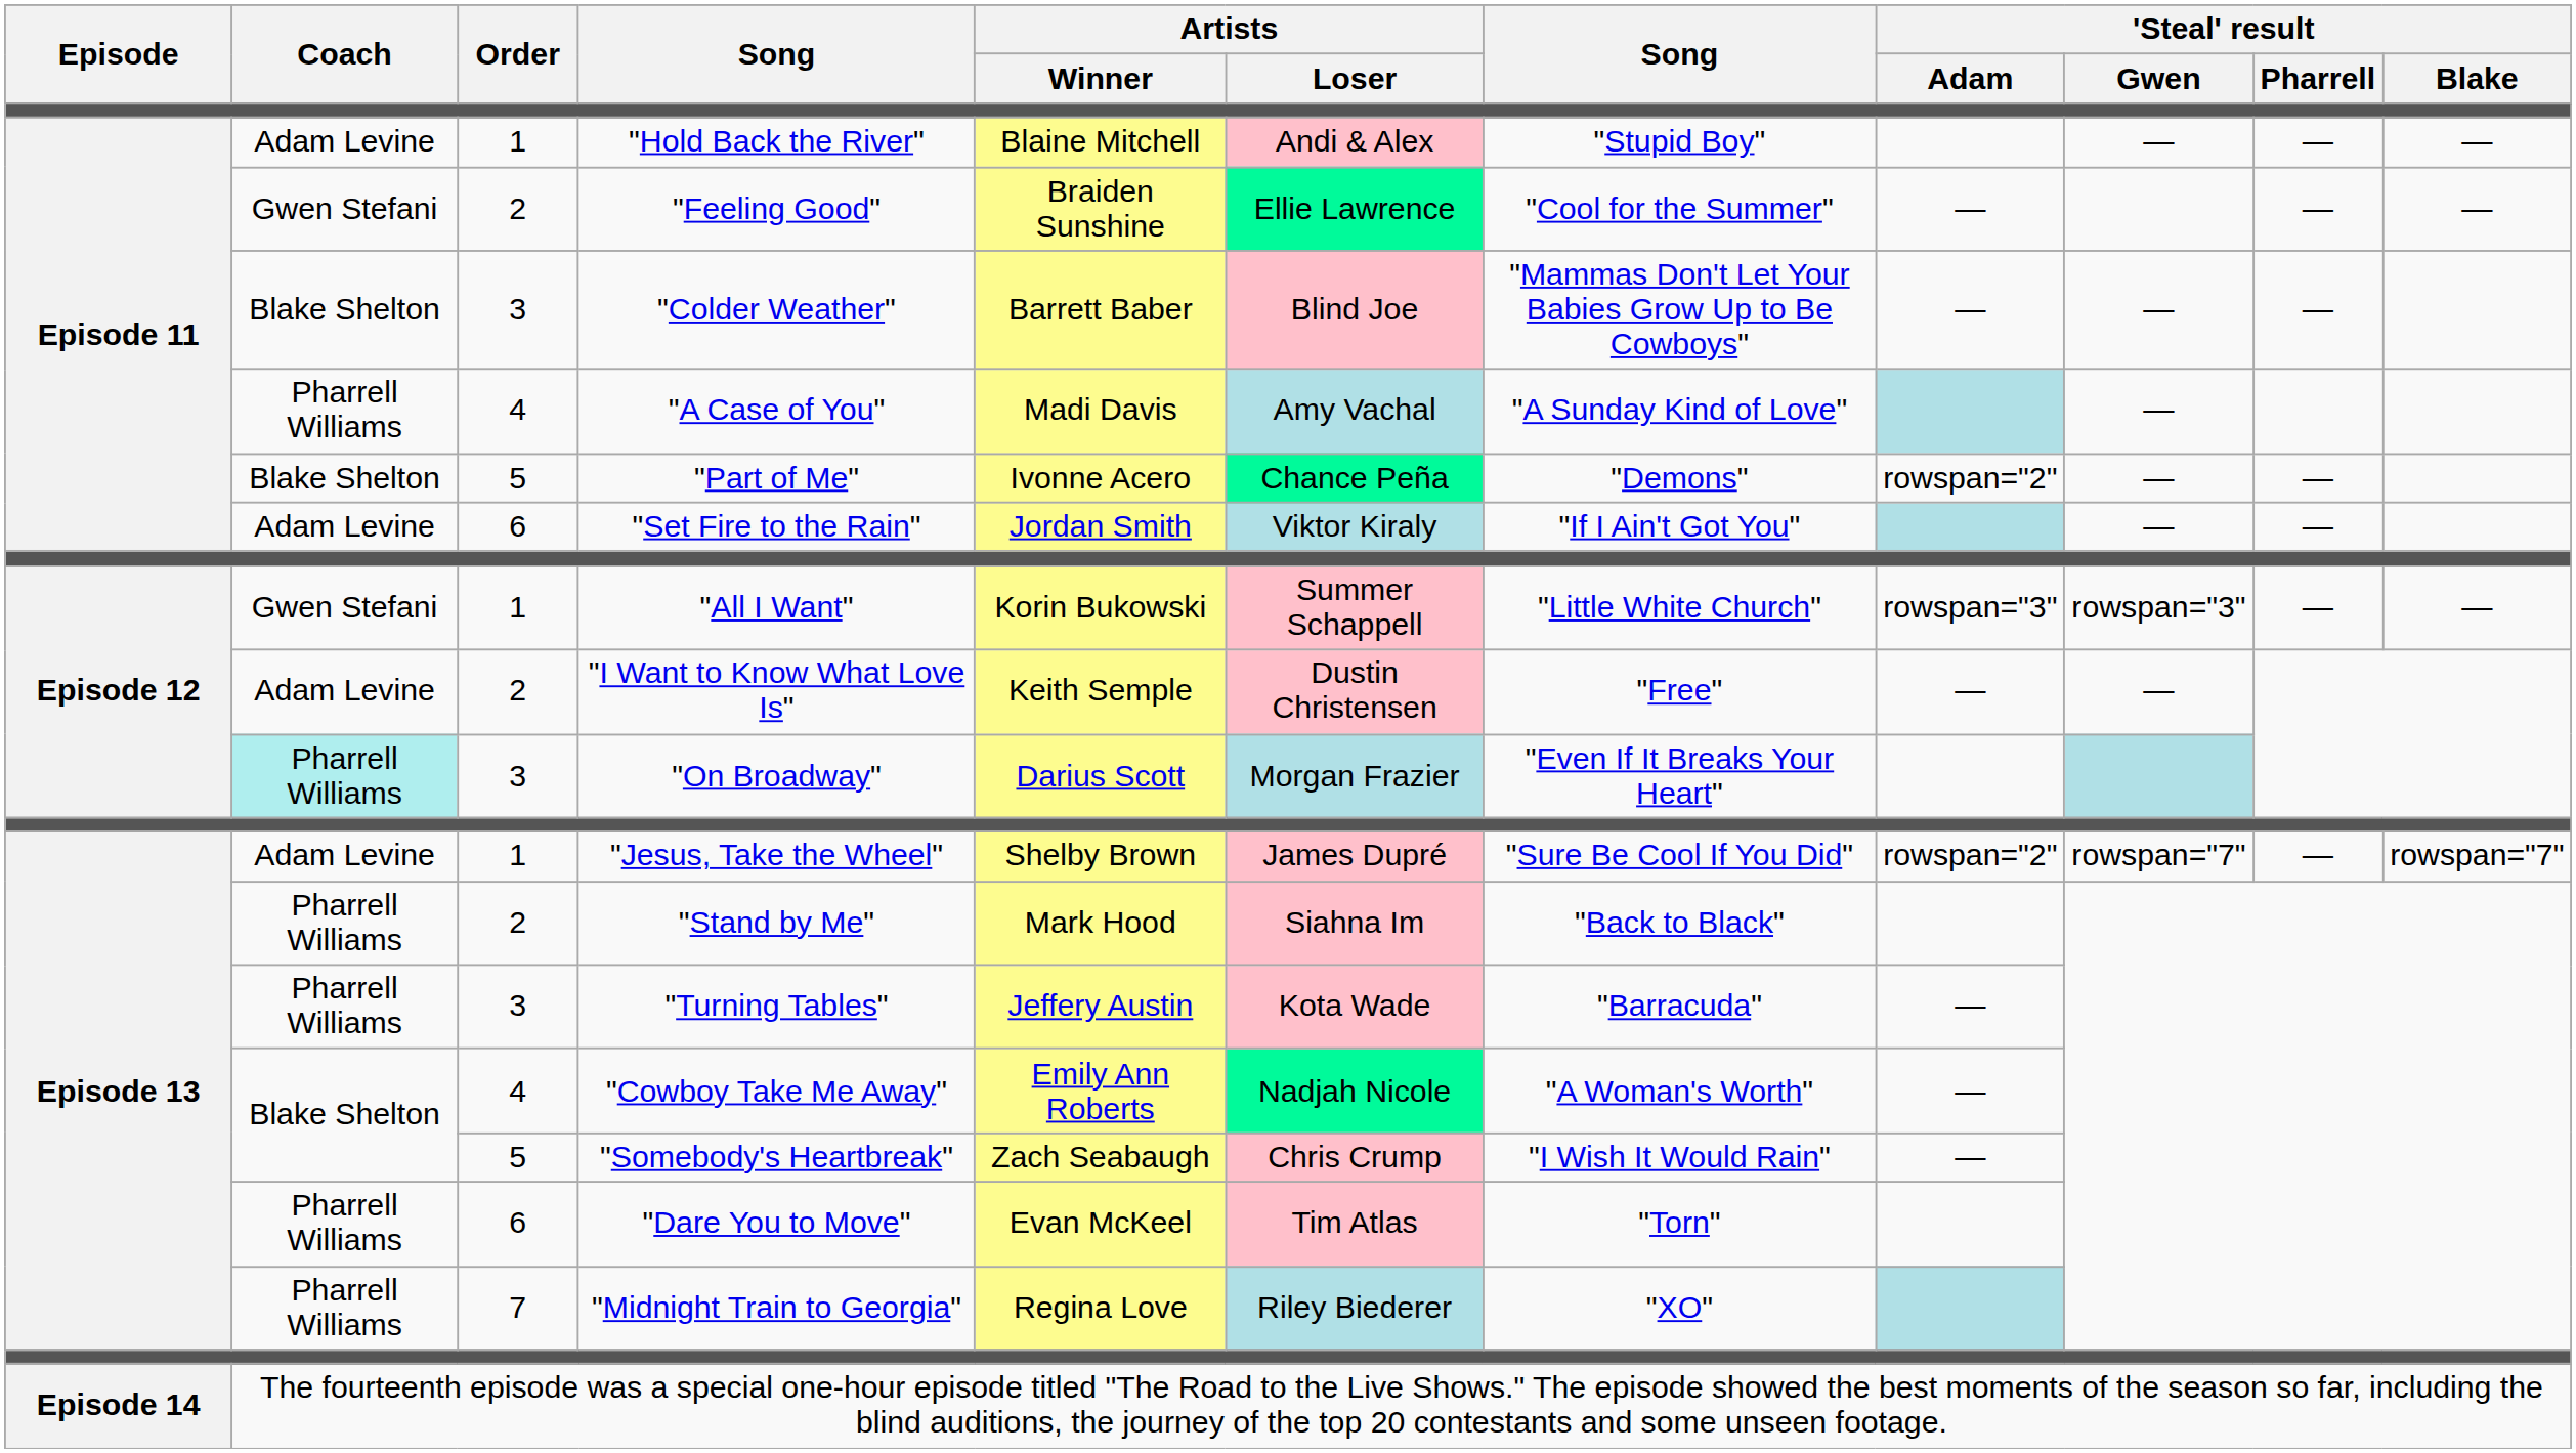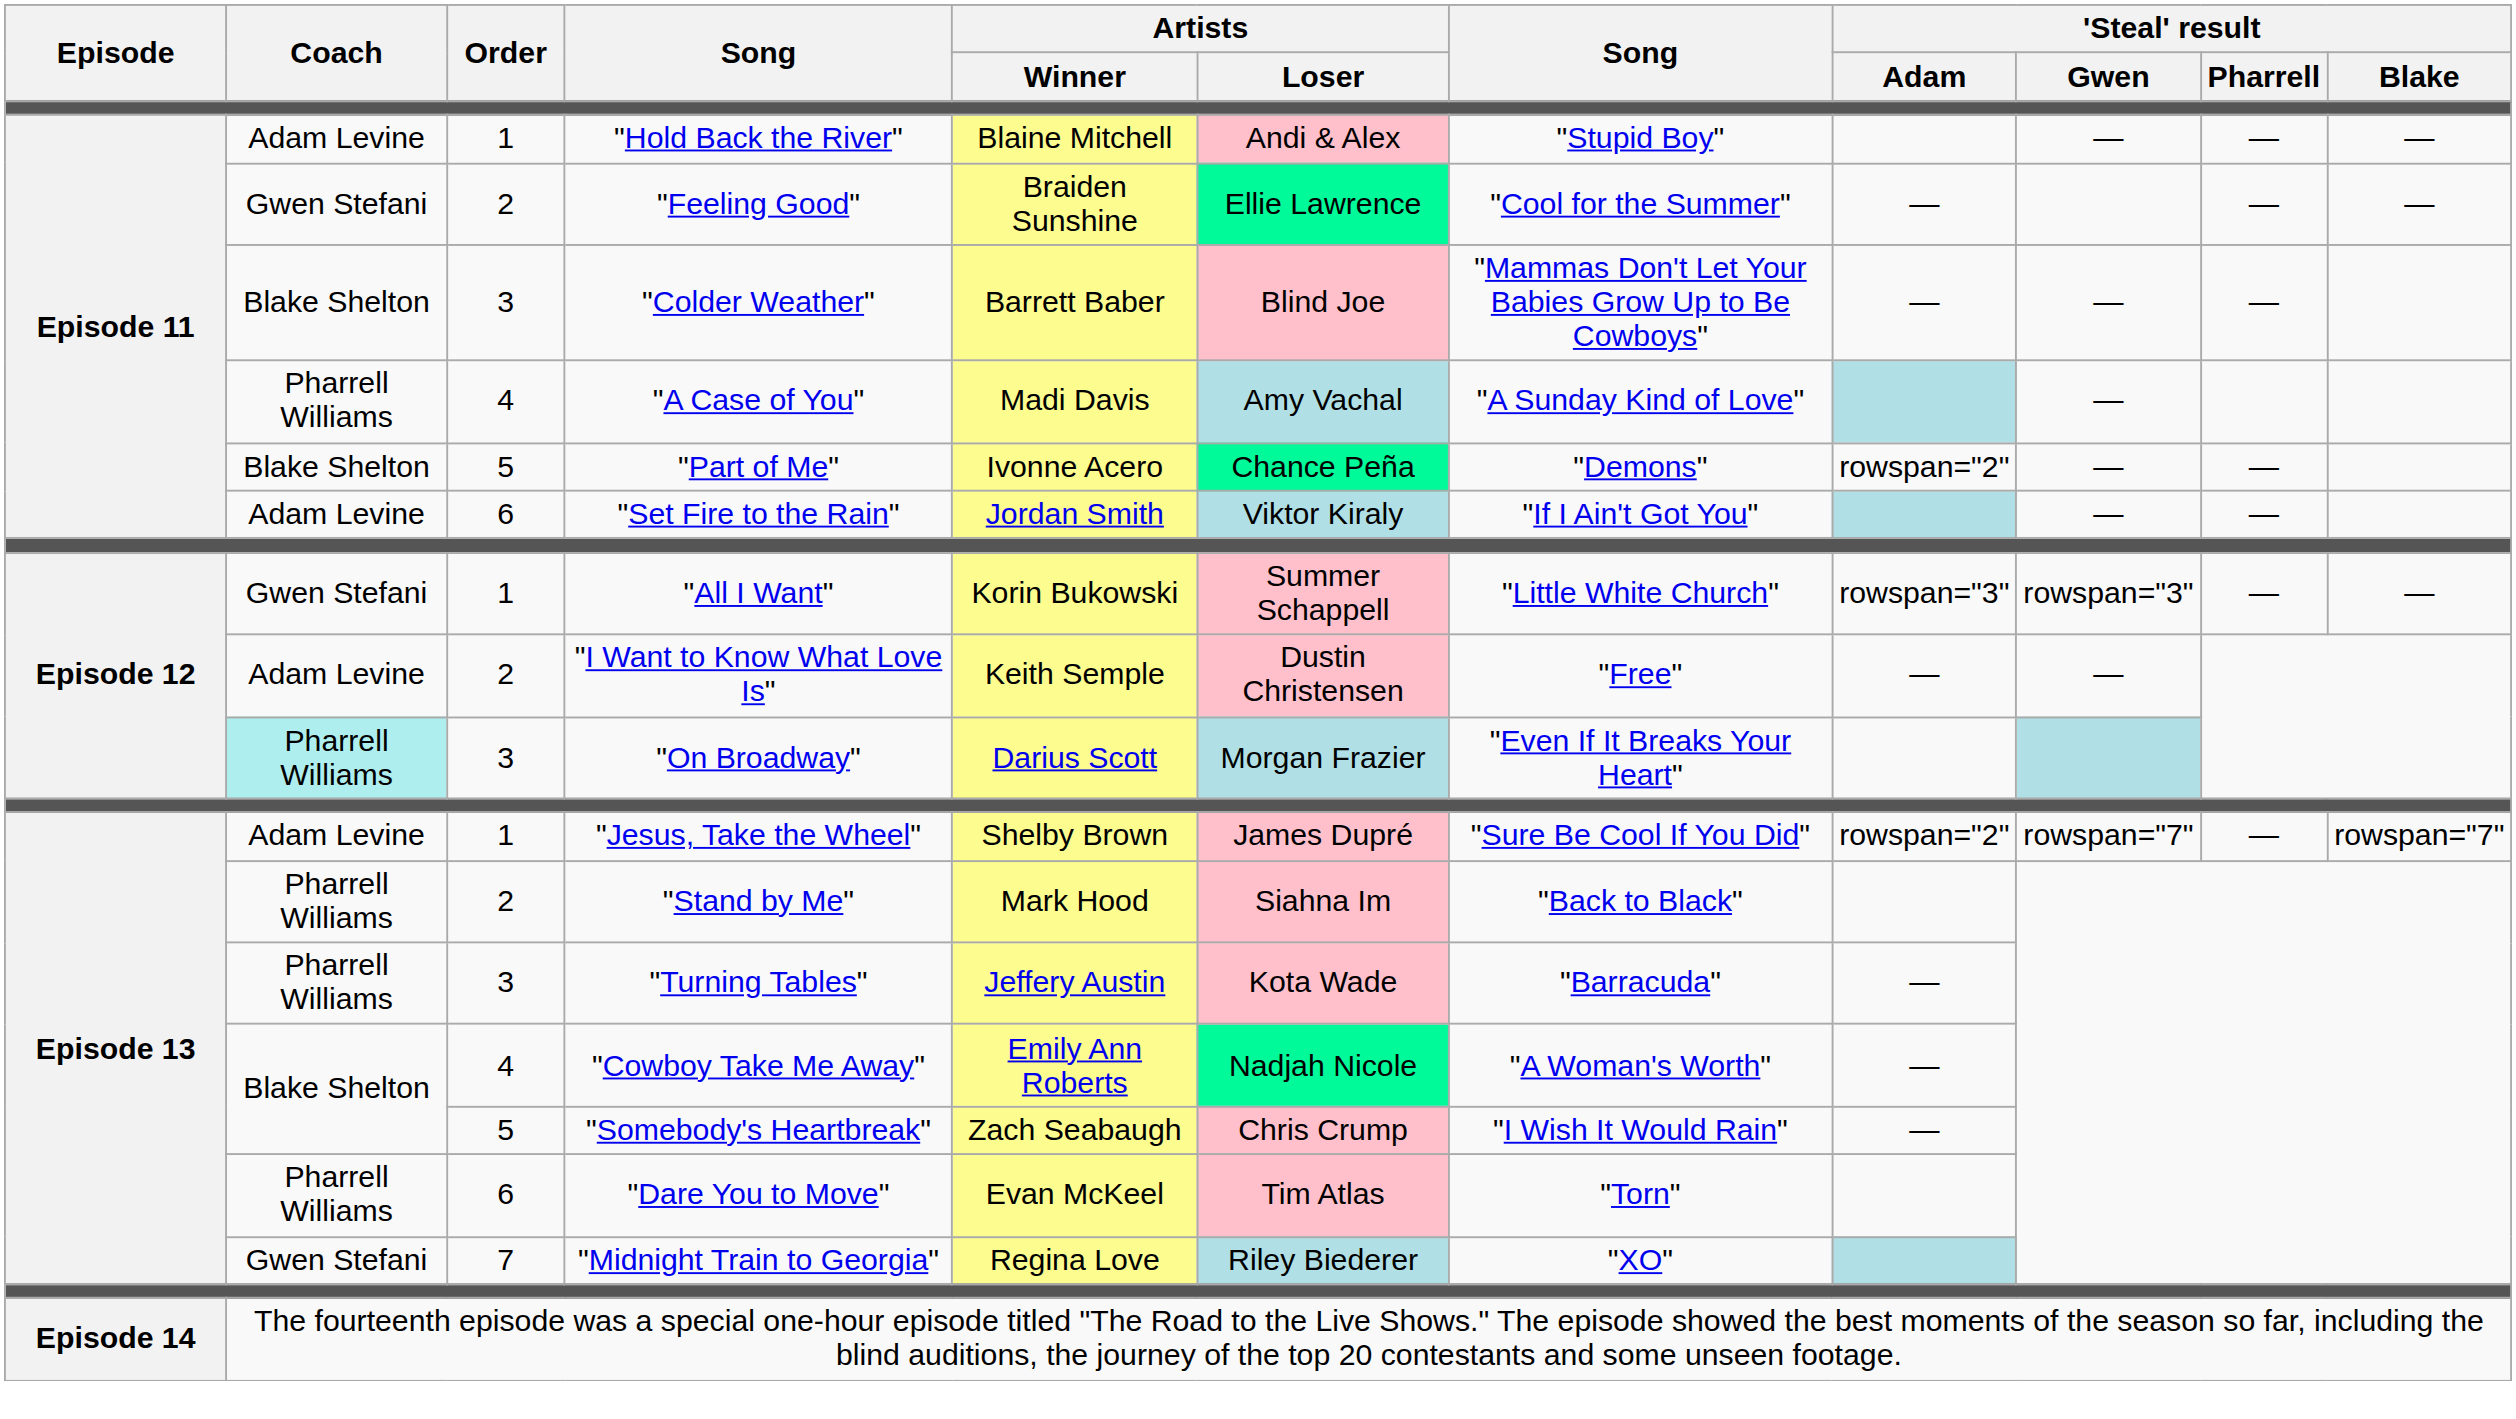 <table class="wikitable" style="text-align: center; width:105%;">
 <tr>
 <th rowspan="2" style="width:10%;">Episode</th>
 <th rowspan="2" style="width:10%;">Coach</th>
 <th rowspan="2" style="width:05%;">Order</th>
 <th rowspan="2" style="width:18%;">Song</th>
 <th colspan="2" style="width:22%;">Artists</th>
 <th rowspan="2" style="width:18%;">Song</th>
 <th colspan="4" style="width:20%;">'Steal' result</th>
 </tr>
 <tr>
 <th style="width:11%;">Winner</th>
 <th style="width:11%;">Loser</th>
 <th style="width:05%;">Adam</th>
 <th style="width:05%;">Gwen</th>
 <th style="width:05%;">Pharrell</th>
 <th style="width:05%;">Blake</th>
 </tr>
 <tr>
 <td colspan="11" style="background:#555;"></td>
 </tr>
 <tr>
 <th rowspan="6">Episode 11<br><small></small></th>
 <td>Adam Levine</td>
 <td>1</td>
 <td>"<a href='#'>Hold Back the River</a>"</td>
 <td style="background:#fdfc8f;">Blaine Mitchell</td>
 <td style="background:pink;">Andi & Alex</td>
 <td>"<a href='#'>Stupid Boy</a>"</td>
 <td></td>
 <td>—</td>
 <td>—</td>
 <td>—</td>
 </tr>
 <tr>
 <td>Gwen Stefani</td>
 <td>2</td>
 <td>"<a href='#'>Feeling Good</a>"</td>
 <td style="background:#fdfc8f;">Braiden Sunshine</td>
 <td style="background:#00fa9a;">Ellie Lawrence</td>
 <td>"<a href='#'>Cool for the Summer</a>"</td>
 <td>—</td>
 <td></td>
 <td>—</td>
 <td>—</td>
 </tr>
 <tr>
 <td>Blake Shelton</td>
 <td>3</td>
 <td>"<a href='#'>Colder Weather</a>"</td>
 <td style="background:#fdfc8f;">Barrett Baber</td>
 <td style="background:pink;">Blind Joe</td>
 <td>"<a href='#'>Mammas Don't Let Your Babies Grow Up to Be Cowboys</a>"</td>
 <td>—</td>
 <td>—</td>
 <td>—</td>
 <td></td>
 </tr>
 <tr>
 <td>Pharrell Williams</td>
 <td>4</td>
 <td>"<a href='#'>A Case of You</a>"</td>
 <td style="background:#fdfc8f;">Madi Davis</td>
 <td style="background:#b0e0e6;">Amy Vachal</td>
 <td>"<a href='#'>A Sunday Kind of Love</a>"</td>
 <td style="background:#b0e0e6"><strong></strong></td>
 <td>—</td>
 <td></td>
 <td><strong></strong></td>
 </tr>
 <tr>
 <td>Blake Shelton</td>
 <td>5</td>
 <td>"<a href='#'>Part of Me</a>"</td>
 <td style="background:#fdfc8f;">Ivonne Acero</td>
 <td style="background:#00fa9a;">Chance Peña</td>
 <td>"<a href='#'>Demons</a>"</td>
 <td>rowspan="2" </td>
 <td>—</td>
 <td>—</td>
 <td></td>
 </tr>
 <tr>
 <td>Adam Levine</td>
 <td>6</td>
 <td>"<a href='#'>Set Fire to the Rain</a>"</td>
 <td style="background:#fdfc8f;"><a href='#'>Jordan Smith</a></td>
 <td style="background:#b0e0e6;">Viktor Kiraly</td>
 <td>"<a href='#'>If I Ain't Got You</a>"</td>
 <td style="background:#b0e0e6"><strong></strong></td>
 <td>—</td>
 <td>—</td>
 </tr>
 <tr>
 <td colspan="11" style="background:#555;"></td>
 </tr>
 <tr>
 <th rowspan="3">Episode 12<br><small></small></th>
 <td>Gwen Stefani</td>
 <td>1</td>
 <td>"<a href='#'>All I Want</a>"</td>
 <td style="background:#fdfc8f;">Korin Bukowski</td>
 <td style="background:pink;">Summer Schappell</td>
 <td>"<a href='#'>Little White Church</a>"</td>
 <td>rowspan="3" </td>
 <td>rowspan="3" </td>
 <td>—</td>
 <td>—</td>
 </tr>
 <tr>
 <td>Adam Levine</td>
 <td>2</td>
 <td>"<a href='#'>I Want to Know What Love Is</a>"</td>
 <td style="background:#fdfc8f;">Keith Semple</td>
 <td style="background: pink;">Dustin Christensen</td>
 <td>"<a href='#'>Free</a>"</td>
 <td>—</td>
 <td>—</td>
 </tr>
 <tr>
 <td style="background: paleturquoise;">Pharrell Williams</td>
 <td>3</td>
 <td>"<a href='#'>On Broadway</a>"</td>
 <td style="background:#fdfc8f;"><a href='#'>Darius Scott</a></td>
 <td style="background:#b0e0e6">Morgan Frazier</td>
 <td>"<a href='#'>Even If It Breaks Your Heart</a>"</td>
 <td></td>
 <td style="background:#b0e0e6"><strong></strong></td>
 </tr>
 <tr>
 <td colspan="11" style="background:#555;"></td>
 </tr>
 <tr>
 <th rowspan="7">Episode 13<br><small></small></th>
 <td>Adam Levine</td>
 <td>1</td>
 <td>"<a href='#'>Jesus, Take the Wheel</a>"</td>
 <td style="background:#fdfc8f;">Shelby Brown</td>
 <td style="background:pink;">James Dupré</td>
 <td>"<a href='#'>Sure Be Cool If You Did</a>"</td>
 <td>rowspan="2" </td>
 <td>rowspan="7" </td>
 <td>—</td>
 <td>rowspan="7" </td>
 </tr>
 <tr>
 <td>Pharrell Williams</td>
 <td>2</td>
 <td>"<a href='#'>Stand by Me</a>"</td>
 <td style="background:#fdfc8f;">Mark Hood</td>
 <td style="background:pink;">Siahna Im</td>
 <td>"<a href='#'>Back to Black</a>"</td>
 <td></td>
 </tr>
 <tr>
 <td>Pharrell Williams</td>
 <td>3</td>
 <td>"<a href='#'>Turning Tables</a>"</td>
 <td style="background:#fdfc8f;"><a href='#'>Jeffery Austin</a></td>
 <td style="background:pink;">Kota Wade</td>
 <td>"<a href='#'>Barracuda</a>"</td>
 <td>—</td>
 </tr>
 <tr>
 <td rowspan="2">Blake Shelton</td>
 <td>4</td>
 <td>"<a href='#'>Cowboy Take Me Away</a>"</td>
 <td style="background:#fdfc8f;"><a href='#'>Emily Ann Roberts</a></td>
 <td style="background:#00fa9a;">Nadjah Nicole</td>
 <td>"<a href='#'>A Woman's Worth</a>"</td>
 <td>—</td>
 </tr>
 <tr>
 <td>5</td>
 <td>"<a href='#'>Somebody's Heartbreak</a>"</td>
 <td style="background:#fdfc8f;">Zach Seabaugh</td>
 <td style="background:pink;">Chris Crump</td>
 <td>"<a href='#'>I Wish It Would Rain</a>"</td>
 <td>—</td>
 </tr>
 <tr>
 <td>Pharrell Williams</td>
 <td>6</td>
 <td>"<a href='#'>Dare You to Move</a>"</td>
 <td style="background:#fdfc8f;">Evan McKeel</td>
 <td style="background:pink;">Tim Atlas</td>
 <td>"<a href='#'>Torn</a>"</td>
 <td></td>
 </tr>
 <tr>
-<td>Pharrell Williams</td>
+<td>Gwen Stefani</td>
 <td>7</td>
 <td>"<a href='#'>Midnight Train to Georgia</a>"</td>
 <td style="background:#fdfc8f;">Regina Love</td>
 <td style="background:#B0E0E6;">Riley Biederer</td>
 <td>"<a href='#'>XO</a>"</td>
 <td style="background:#B0E0E6;"><strong></strong></td>
 </tr>
 <tr>
 <td colspan="11" style="background:#555;"></td>
 </tr>
 <tr>
 <th>Episode 14<br><small></small></th>
 <td colspan="10">The fourteenth episode was a special one-hour episode titled "The Road to the Live Shows." The episode showed the best moments of the season so far, including the blind auditions, the journey of the top 20 contestants and some unseen footage.</td>
 </tr>
 </table>
